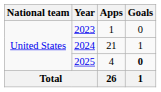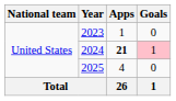 <table class="wikitable" style="text-align:center">
 <tr>
 <th>National team</th>
 <th>Year</th>
 <th>Apps</th>
 <th>Goals</th>
 </tr>
 <tr>
 <td rowspan=3><a href='#'>United States</a></td>
 <td><a href='#'>2023</a></td>
 <td>1</td>
 <td>0</td>
 </tr>
 <tr>
 <td><a href='#'>2024</a></td>
-<td>21</td>
-<td>1</td>
+<td><strong>21</strong></td>
+<td style="background: pink;">1</td>
 </tr>
 <tr>
 <td><a href='#'>2025</a></td>
 <td>4</td>
-<td><strong>0</strong></td>
+<td>0</td>
 </tr>
 <tr>
 <th colspan=2>Total</th>
 <th>26</th>
 <th>1</th>
 </tr>
 </table>
